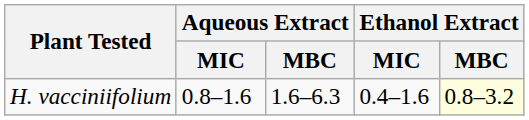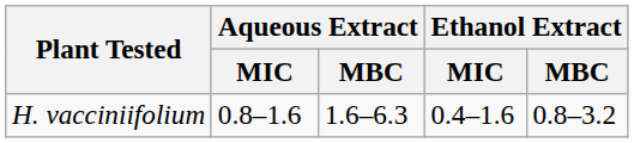 <table class="wikitable">
 <tr>
 <th rowspan="2">Plant Tested</th>
 <th colspan="2">Aqueous Extract</th>
 <th colspan="2">Ethanol Extract</th>
 </tr>
 <tr>
 <th>MIC</th>
 <th>MBC</th>
 <th>MIC</th>
 <th>MBC</th>
 </tr>
 <tr>
 <td><em>H. vacciniifolium</em></td>
 <td>0.8–1.6</td>
 <td>1.6–6.3</td>
 <td>0.4–1.6</td>
-<td style="background: lightyellow;">0.8–3.2</td>
+<td>0.8–3.2</td>
 </tr>
 </table>
